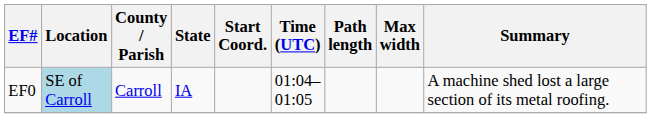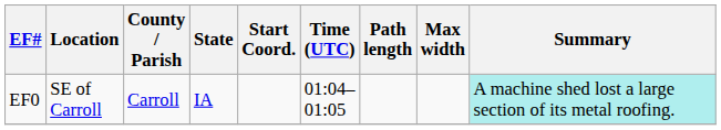 <table class="wikitable sortable" style="width:100%;">
 <tr>
 <th scope="col"  style="width:3%; text-align:center;"><a href='#'>EF#</a></th>
 <th scope="col"  style="width:7%; text-align:center;" class="unsortable">Location</th>
 <th scope="col"  style="width:6%; text-align:center;" class="unsortable">County / Parish</th>
 <th scope="col"  style="width:5%; text-align:center;">State</th>
 <th scope="col"  style="width:6%; text-align:center;">Start Coord.</th>
 <th scope="col"  style="width:6%; text-align:center;">Time (<a href='#'>UTC</a>)</th>
 <th scope="col"  style="width:6%; text-align:center;">Path length</th>
 <th scope="col"  style="width:6%; text-align:center;">Max width</th>
 <th scope="col" class="unsortable" style="width:48%; text-align:center;">Summary</th>
 </tr>
 <tr>
 <td>EF0</td>
-<td style="background: lightblue;">SE of <a href='#'>Carroll</a></td>
+<td>SE of <a href='#'>Carroll</a></td>
 <td><a href='#'>Carroll</a></td>
 <td><a href='#'>IA</a></td>
 <td></td>
 <td>01:04–01:05</td>
 <td></td>
 <td></td>
-<td>A machine shed lost a large section of its metal roofing.</td>
+<td style="background: paleturquoise;">A machine shed lost a large section of its metal roofing.</td>
 </tr>
 <tr>
 </tr>
 </table>
